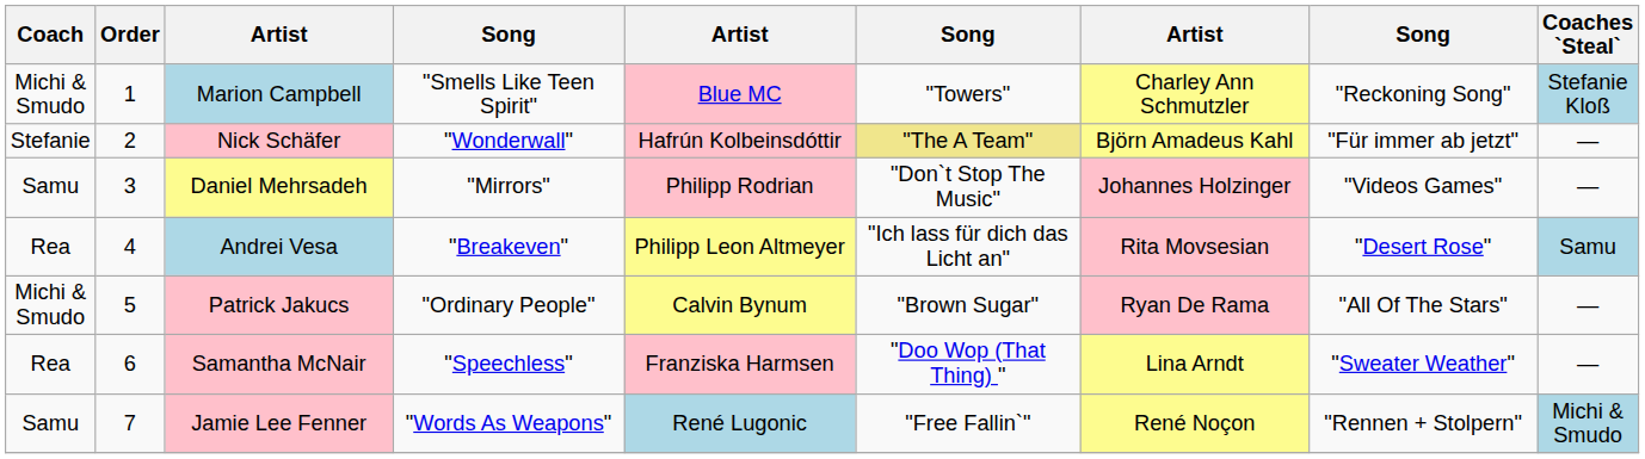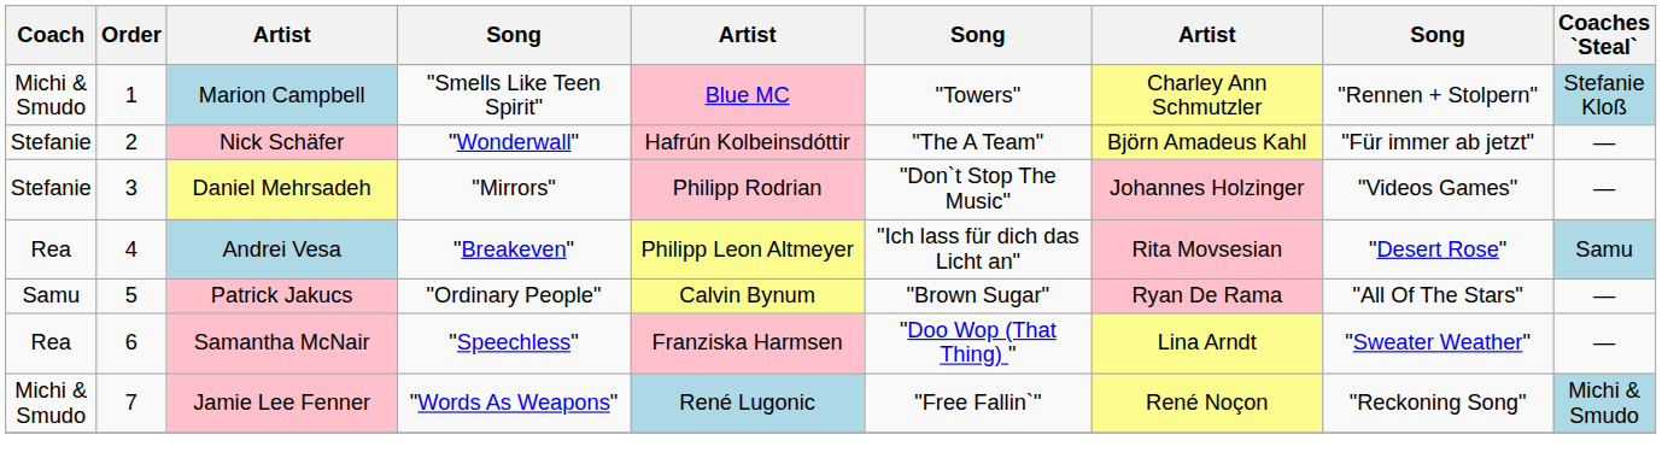 <table class="wikitable" style="text-align: center; width:95%;">
 <tr>
 <th width="5%">Coach</th>
 <th width="3%">Order</th>
 <th colspan=1 width="15">Artist</th>
 <th width="15%">Song</th>
 <th colspan=1 width="15">Artist</th>
 <th width="15%">Song</th>
 <th colspan=1 width="15">Artist</th>
 <th width="15%">Song</th>
 <th width="5%">Coaches `Steal`</th>
 </tr>
 <tr>
 <td>Michi & Smudo</td>
 <td>1</td>
 <td width="15%" style="background:lightblue;">Marion Campbell</td>
 <td>"Smells Like Teen Spirit"</td>
 <td width="15%" style="background:pink;"><a href='#'>Blue MC</a></td>
 <td>"Towers"</td>
 <td width="15%" style="background:#fdfc8f;">Charley Ann Schmutzler</td>
-<td>"Reckoning Song"</td>
+<td>"Rennen + Stolpern"</td>
 <td width="15%" style="background:lightblue;">Stefanie Kloß</td>
 </tr>
 <tr>
 <td>Stefanie</td>
 <td>2</td>
 <td width="15%" style="background:pink;">Nick Schäfer</td>
 <td>"<a href='#'>Wonderwall</a>"</td>
 <td width="15%" style="background:pink;">Hafrún Kolbeinsdóttir</td>
-<td style="background: khaki;">"The A Team"</td>
+<td>"The A Team"</td>
 <td width="15%" style="background:#fdfc8f;">Björn Amadeus Kahl</td>
 <td>"Für immer ab jetzt"</td>
 <td>—</td>
 </tr>
 <tr>
-<td>Samu</td>
+<td>Stefanie</td>
 <td>3</td>
 <td width="15%" style="background:#fdfc8f;">Daniel Mehrsadeh</td>
 <td>"Mirrors"</td>
 <td width="15%" style="background:pink;">Philipp Rodrian</td>
 <td>"Don`t Stop The Music"</td>
 <td width="15%" style="background:pink;">Johannes Holzinger</td>
 <td>"Videos Games"</td>
 <td>—</td>
 </tr>
 <tr>
 <td>Rea</td>
 <td>4</td>
 <td width="15%" style="background:lightblue;">Andrei Vesa</td>
 <td>"<a href='#'>Breakeven</a>"</td>
 <td width="15%" style="background:#fdfc8f;">Philipp Leon Altmeyer</td>
 <td>"Ich lass für dich das Licht an"</td>
 <td width="15%" style="background:pink;">Rita Movsesian</td>
 <td>"<a href='#'>Desert Rose</a>"</td>
 <td width="15%" style="background:lightblue;">Samu</td>
 </tr>
 <tr>
-<td>Michi & Smudo</td>
+<td>Samu</td>
 <td>5</td>
 <td width="15%" style="background:pink;">Patrick Jakucs</td>
 <td>"Ordinary People"</td>
 <td width="15%" style="background:#fdfc8f;">Calvin Bynum</td>
 <td>"Brown Sugar"</td>
 <td width="15%" style="background:pink;">Ryan De Rama</td>
 <td>"All Of The Stars"</td>
 <td>—</td>
 </tr>
 <tr>
 <td>Rea</td>
 <td>6</td>
 <td width="15%" style="background:pink;">Samantha McNair</td>
 <td>"<a href='#'>Speechless</a>"</td>
 <td width="15%" style="background:pink;">Franziska Harmsen</td>
 <td>"<a href='#'>Doo Wop (That Thing) </a>"</td>
 <td width="15%" style="background:#fdfc8f;">Lina Arndt</td>
 <td>"<a href='#'>Sweater Weather</a>"</td>
 <td>—</td>
 </tr>
 <tr>
-<td>Samu</td>
+<td>Michi & Smudo</td>
 <td>7</td>
 <td width="15%" style="background:pink;">Jamie Lee Fenner</td>
 <td>"<a href='#'>Words As Weapons</a>"</td>
 <td width="15%" style="background:lightblue;">René Lugonic</td>
 <td>"Free Fallin`"</td>
 <td width="15%" style="background:#fdfc8f;">René Noçon</td>
-<td>"Rennen + Stolpern"</td>
+<td>"Reckoning Song"</td>
 <td width="15%" style="background:lightblue;">Michi & Smudo</td>
 </tr>
 <tr>
 </tr>
 </table>
